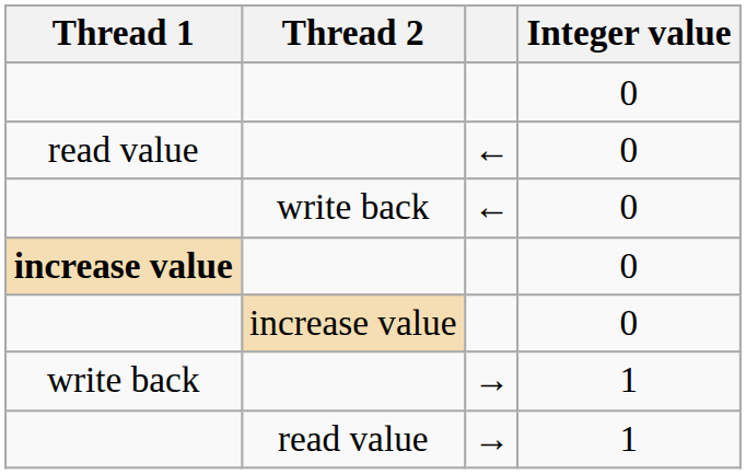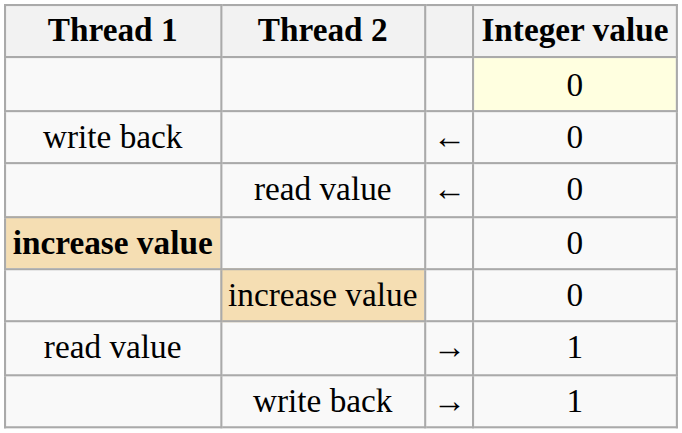 <table class="wikitable" style="text-align: center;">
 <tr>
 <th>Thread 1</th>
 <th>Thread 2</th>
 <th></th>
 <th>Integer value</th>
 </tr>
 <tr>
 <td></td>
 <td></td>
 <td></td>
-<td>0</td>
+<td style="background: lightyellow;">0</td>
 </tr>
 <tr>
-<td>read value</td>
+<td>write back</td>
 <td></td>
 <td>←</td>
 <td>0</td>
 </tr>
 <tr>
 <td></td>
-<td>write back</td>
+<td>read value</td>
 <td>←</td>
 <td>0</td>
 </tr>
 <tr>
 <td style="background: wheat;"><strong>increase value</strong></td>
 <td></td>
 <td></td>
 <td>0</td>
 </tr>
 <tr>
 <td></td>
 <td style="background: wheat;">increase value</td>
 <td></td>
 <td>0</td>
 </tr>
 <tr>
-<td>write back</td>
+<td>read value</td>
 <td></td>
 <td>→</td>
 <td>1</td>
 </tr>
 <tr>
 <td></td>
-<td>read value</td>
+<td>write back</td>
 <td>→</td>
 <td>1</td>
 </tr>
 </table>
